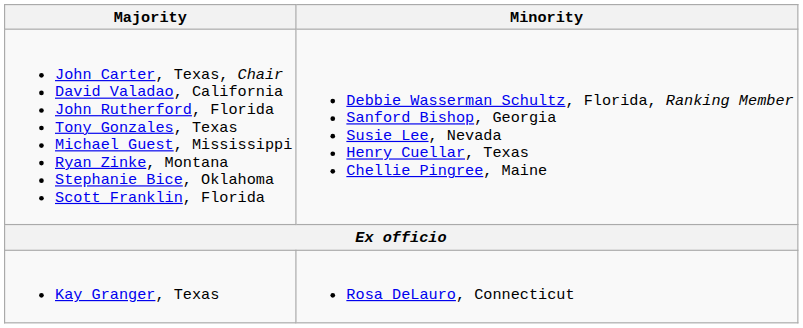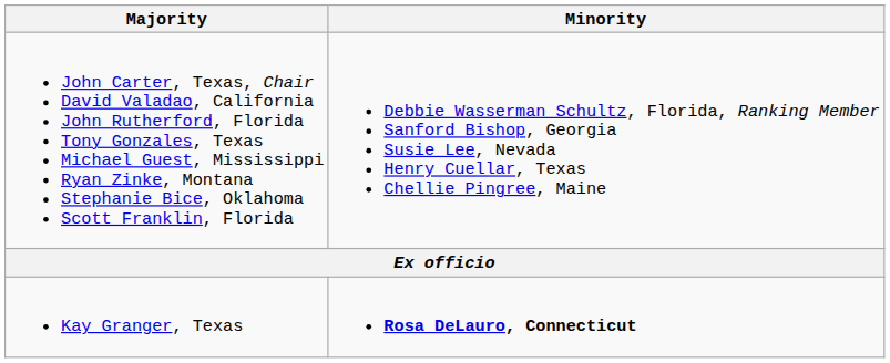 <table class=wikitable>
 <tr>
 <th>Majority</th>
 <th>Minority</th>
 </tr>
 <tr>
 <td><br><ul><li><a href='#'>John Carter</a>, Texas, <em>Chair</em></li><li><a href='#'>David Valadao</a>, California</li><li><a href='#'>John Rutherford</a>, Florida</li><li><a href='#'>Tony Gonzales</a>, Texas</li><li><a href='#'>Michael Guest</a>, Mississippi</li><li><a href='#'>Ryan Zinke</a>, Montana</li><li><a href='#'>Stephanie Bice</a>, Oklahoma</li><li><a href='#'>Scott Franklin</a>, Florida</li></ul></td>
 <td><br><ul><li><a href='#'>Debbie Wasserman Schultz</a>, Florida, <em>Ranking Member</em></li><li><a href='#'>Sanford Bishop</a>, Georgia</li><li><a href='#'>Susie Lee</a>, Nevada</li><li><a href='#'>Henry Cuellar</a>, Texas</li><li><a href='#'>Chellie Pingree</a>, Maine</li></ul></td>
 </tr>
 <tr>
 <th colspan=2><em>Ex officio</em></th>
 </tr>
 <tr>
 <td><br><ul><li><a href='#'>Kay Granger</a>, Texas</li></ul></td>
-<td><br><ul><li><a href='#'>Rosa DeLauro</a>, Connecticut</li></ul></td>
+<td><strong><br><ul><li><a href='#'>Rosa DeLauro</a>, Connecticut</li></ul></strong></td>
 </tr>
 </table>
